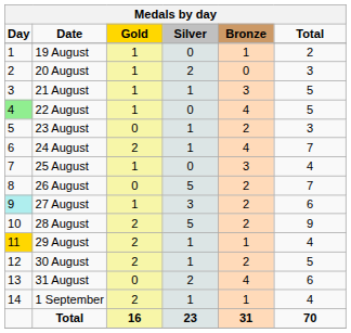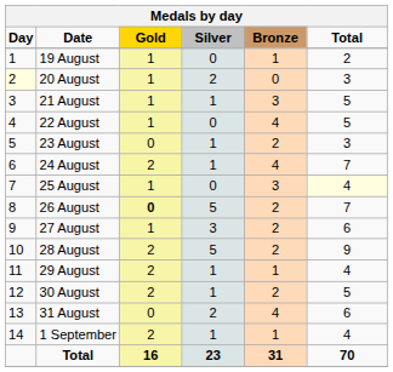 <table class="wikitable" style="font-size:90%; text-align:center;">
 <tr style="background:#efefef;">
 <th colspan=6>Medals by day</th>
 </tr>
 <tr>
 <td><strong>Day</strong></td>
 <td><strong>Date</strong></td>
 <td width=60 style="background:gold;"><strong>Gold </strong></td>
 <td width=60 style="background:silver;"><strong>Silver </strong></td>
 <td width=60 style="background:#c96;"><strong>Bronze </strong></td>
 <td width=80><strong>Total</strong></td>
 </tr>
 <tr>
 </tr>
 <tr>
 <td align=left>1</td>
 <td align=left>19 August</td>
 <td style="background:#F7F6A8;">1</td>
 <td style="background:#DCE5E5;">0</td>
 <td style="background:#FFDAB9;">1</td>
 <td>2</td>
 </tr>
 <tr>
-<td align=left>2</td>
+<td align=left style="background: lightyellow;">2</td>
 <td align=left>20 August</td>
 <td style="background:#F7F6A8;">1</td>
 <td style="background:#DCE5E5;">2</td>
 <td style="background:#FFDAB9;">0</td>
 <td>3</td>
 </tr>
 <tr>
 <td align=left>3</td>
 <td align=left>21 August</td>
 <td style="background:#F7F6A8;">1</td>
 <td style="background:#DCE5E5;">1</td>
 <td style="background:#FFDAB9;">3</td>
 <td>5</td>
 </tr>
 <tr>
-<td align=left style="background: lightgreen;">4</td>
+<td align=left>4</td>
 <td align=left>22 August</td>
 <td style="background:#F7F6A8;">1</td>
 <td style="background:#DCE5E5;">0</td>
 <td style="background:#FFDAB9;">4</td>
 <td>5</td>
 </tr>
 <tr>
 <td align=left>5</td>
 <td align=left>23 August</td>
 <td style="background:#F7F6A8;">0</td>
 <td style="background:#DCE5E5;">1</td>
 <td style="background:#FFDAB9;">2</td>
 <td>3</td>
 </tr>
 <tr>
 <td align=left>6</td>
 <td align=left>24 August</td>
 <td style="background:#F7F6A8;">2</td>
 <td style="background:#DCE5E5;">1</td>
 <td style="background:#FFDAB9;">4</td>
 <td>7</td>
 </tr>
 <tr>
 <td align=left>7</td>
 <td align=left>25 August</td>
 <td style="background:#F7F6A8;">1</td>
 <td style="background:#DCE5E5;">0</td>
 <td style="background:#FFDAB9;">3</td>
-<td>4</td>
+<td style="background: lightyellow;">4</td>
 </tr>
 <tr>
 <td align=left>8</td>
 <td align=left>26 August</td>
-<td style="background:#F7F6A8;">0</td>
+<td style="background:#F7F6A8;"><strong>0</strong></td>
 <td style="background:#DCE5E5;">5</td>
 <td style="background:#FFDAB9;">2</td>
 <td>7</td>
 </tr>
 <tr>
-<td align=left style="background: paleturquoise;">9</td>
+<td align=left>9</td>
 <td align=left>27 August</td>
 <td style="background:#F7F6A8;">1</td>
 <td style="background:#DCE5E5;">3</td>
 <td style="background:#FFDAB9;">2</td>
 <td>6</td>
 </tr>
 <tr>
 <td align=left>10</td>
 <td align=left>28 August</td>
 <td style="background:#F7F6A8;">2</td>
 <td style="background:#DCE5E5;">5</td>
 <td style="background:#FFDAB9;">2</td>
 <td>9</td>
 </tr>
 <tr>
-<td align=left style="background: gold;">11</td>
+<td align=left>11</td>
 <td align=left>29 August</td>
 <td style="background:#F7F6A8;">2</td>
 <td style="background:#DCE5E5;">1</td>
 <td style="background:#FFDAB9;">1</td>
 <td>4</td>
 </tr>
 <tr>
 <td align=left>12</td>
 <td align=left>30 August</td>
 <td style="background:#F7F6A8;">2</td>
 <td style="background:#DCE5E5;">1</td>
 <td style="background:#FFDAB9;">2</td>
 <td>5</td>
 </tr>
 <tr>
 <td align=left>13</td>
 <td align=left>31 August</td>
 <td style="background:#F7F6A8;">0</td>
 <td style="background:#DCE5E5;">2</td>
 <td style="background:#FFDAB9;">4</td>
 <td>6</td>
 </tr>
 <tr>
 <td align=left>14</td>
 <td align=left>1 September</td>
 <td style="background:#F7F6A8;">2</td>
 <td style="background:#DCE5E5;">1</td>
 <td style="background:#FFDAB9;">1</td>
 <td>4</td>
 </tr>
 <tr>
 <td></td>
 <td><strong>Total</strong></td>
 <td style="background:#F7F6A8"><strong>16</strong></td>
 <td style="background:#DCE5E5"><strong>23</strong></td>
 <td style="background:#FFDAB9"><strong>31</strong></td>
 <td><strong>70</strong></td>
 </tr>
 <tr>
 </tr>
 </table>
